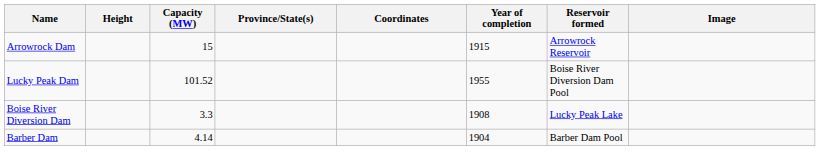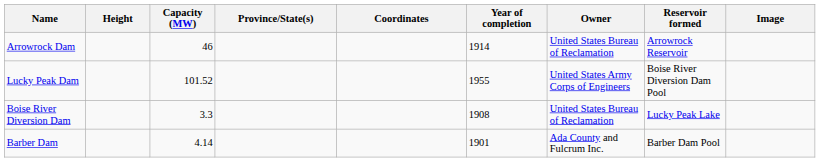 <table class="wikitable sortable" border="1">
 <tr>
 <th width="10%">Name</th>
 <th width="8%">Height</th>
 <th width="8%">Capacity (<a href='#'>MW</a>)</th>
 <th width="15%">Province/State(s)</th>
 <th width="16%">Coordinates</th>
 <th width="10%">Year of completion</th>
+<th width="12%">Owner</th>
 <th width="10%">Reservoir formed</th>
 <th>Image</th>
 </tr>
 <tr>
 <td><a href='#'>Arrowrock Dam</a></td>
 <td></td>
-<td align="right">15</td>
+<td align="right">46</td>
 <td></td>
 <td></td>
-<td>1915</td>
+<td>1914</td>
+<td><a href='#'>United States Bureau of Reclamation</a></td>
 <td><a href='#'>Arrowrock Reservoir</a></td>
 <td></td>
 </tr>
 <tr>
 <td><a href='#'>Lucky Peak Dam</a></td>
 <td></td>
 <td align="right">101.52</td>
 <td></td>
 <td></td>
 <td>1955</td>
+<td><a href='#'>United States Army Corps of Engineers</a></td>
 <td>Boise River Diversion Dam Pool</td>
 <td></td>
 </tr>
 <tr>
 <td><a href='#'>Boise River Diversion Dam</a></td>
 <td></td>
 <td align="right">3.3</td>
 <td></td>
 <td></td>
 <td>1908</td>
+<td><a href='#'>United States Bureau of Reclamation</a></td>
 <td><a href='#'>Lucky Peak Lake</a></td>
 <td></td>
 </tr>
 <tr>
 <td><a href='#'>Barber Dam</a></td>
 <td></td>
 <td align="right">4.14</td>
 <td></td>
 <td></td>
-<td>1904</td>
+<td>1901</td>
+<td><a href='#'>Ada County</a> and Fulcrum Inc.</td>
 <td>Barber Dam Pool</td>
 <td></td>
 </tr>
 </table>
